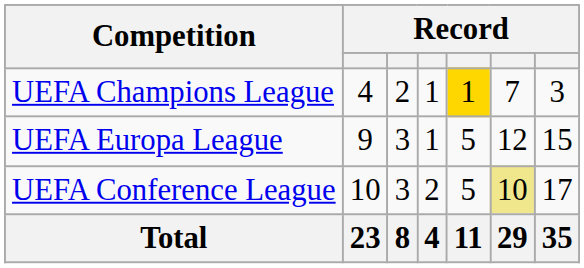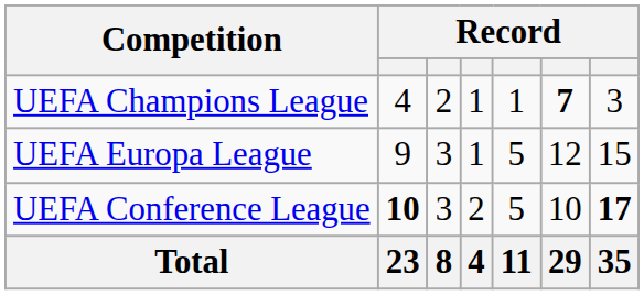 <table class="wikitable" style="text-align: center">
 <tr>
 <th rowspan="2">Competition</th>
 <th colspan="8">Record</th>
 </tr>
 <tr>
 <th></th>
 <th></th>
 <th></th>
 <th></th>
 <th></th>
 <th></th>
 </tr>
 <tr>
 <td align=left><a href='#'>UEFA Champions League</a></td>
 <td>4</td>
 <td>2</td>
 <td>1</td>
-<td style="background: gold;">1</td>
-<td>7</td>
+<td>1</td>
+<td><strong>7</strong></td>
 <td>3</td>
 </tr>
 <tr>
 <td align=left><a href='#'>UEFA Europa League</a></td>
 <td>9</td>
 <td>3</td>
 <td>1</td>
 <td>5</td>
 <td>12</td>
 <td>15</td>
 </tr>
 <tr>
 <td align=left><a href='#'>UEFA Conference League</a></td>
-<td>10</td>
+<td><strong>10</strong></td>
 <td>3</td>
 <td>2</td>
 <td>5</td>
-<td style="background: khaki;">10</td>
-<td>17</td>
+<td>10</td>
+<td><strong>17</strong></td>
 </tr>
 <tr>
 <th align=center>Total</th>
 <th>23</th>
 <th>8</th>
 <th>4</th>
 <th>11</th>
 <th>29</th>
 <th>35</th>
 </tr>
 </table>
